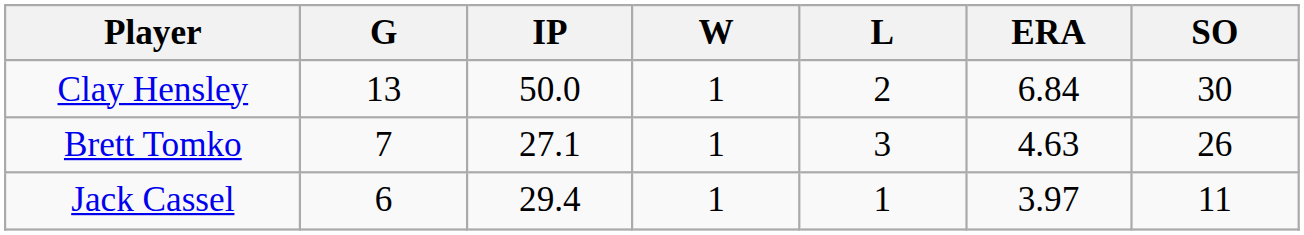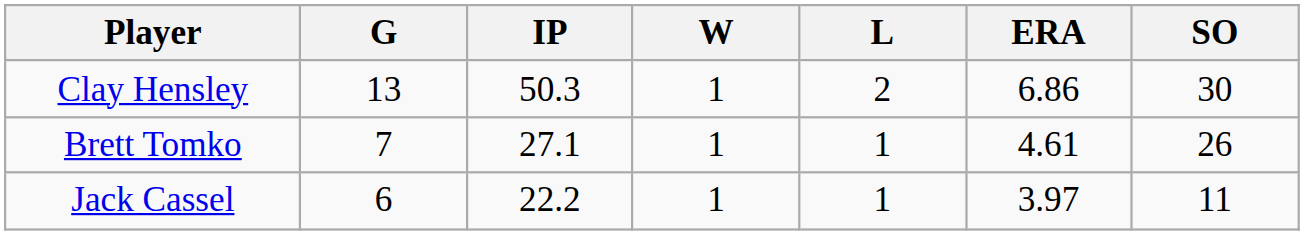 <table class="wikitable sortable">
 <tr>
 <th bgcolor="#DDDDFF" width="16%">Player</th>
 <th bgcolor="#DDDDFF" width="9%">G</th>
 <th bgcolor="#DDDDFF" width="9%">IP</th>
 <th bgcolor="#DDDDFF" width="9%">W</th>
 <th bgcolor="#DDDDFF" width="9%">L</th>
 <th bgcolor="#DDDDFF" width="9%">ERA</th>
 <th bgcolor="#DDDDFF" width="9%">SO</th>
 </tr>
 <tr align=center>
 <td><a href='#'>Clay Hensley</a></td>
 <td>13</td>
-<td>50.0</td>
+<td>50.3</td>
 <td>1</td>
 <td>2</td>
-<td>6.84</td>
+<td>6.86</td>
 <td>30</td>
 </tr>
 <tr align=center>
 <td><a href='#'>Brett Tomko</a></td>
 <td>7</td>
 <td>27.1</td>
 <td>1</td>
-<td>3</td>
-<td>4.63</td>
+<td>1</td>
+<td>4.61</td>
 <td>26</td>
 </tr>
 <tr align=center>
 <td><a href='#'>Jack Cassel</a></td>
 <td>6</td>
-<td>29.4</td>
+<td>22.2</td>
 <td>1</td>
 <td>1</td>
 <td>3.97</td>
 <td>11</td>
 </tr>
 </table>
